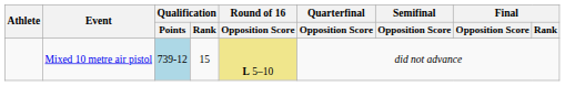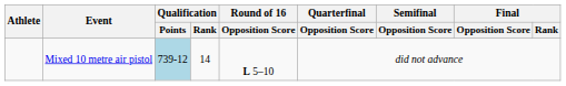 <table class="wikitable" style="text-align:center; font-size:90%">
 <tr>
 <th rowspan="2">Athlete</th>
 <th rowspan="2">Event</th>
 <th colspan="2">Qualification</th>
 <th>Round of 16</th>
 <th>Quarterfinal</th>
 <th>Semifinal</th>
 <th colspan="2">Final</th>
 </tr>
 <tr style="font-size:95%">
 <th>Points</th>
 <th>Rank</th>
 <th>Opposition Score</th>
 <th>Opposition Score</th>
 <th>Opposition Score</th>
 <th>Opposition Score</th>
 <th>Rank</th>
 </tr>
 <tr>
 <td align=left><br></td>
 <td align=left><a href='#'>Mixed 10 metre air pistol</a></td>
 <td style="background: lightblue;">739-12</td>
-<td>15</td>
-<td style="background: khaki;"><br><br><strong>L</strong> 5–10</td>
+<td>14</td>
+<td><br><br><strong>L</strong> 5–10</td>
 <td colspan=4><em>did not advance</em></td>
 </tr>
 </table>
